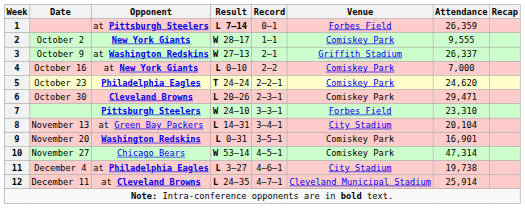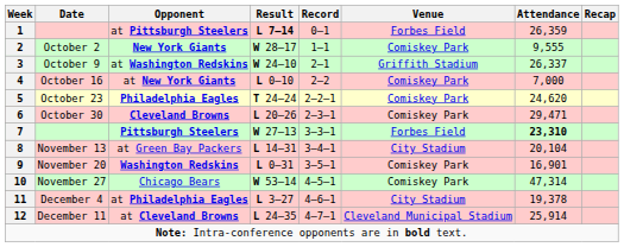 <table class="wikitable" style="text-align:center">
 <tr>
 <th>Week</th>
 <th>Date</th>
 <th>Opponent</th>
 <th>Result</th>
 <th>Record</th>
 <th>Venue</th>
 <th>Attendance</th>
 <th>Recap</th>
 </tr>
 <tr style="background:#fcc">
 <th>1</th>
 <td></td>
 <td>at <strong><a href='#'>Pittsburgh Steelers</a></strong></td>
 <td><strong>L 7–14</strong></td>
 <td>0–1</td>
 <td><a href='#'>Forbes Field</a></td>
 <td>26,359</td>
 <td></td>
 </tr>
 <tr style="background:#cfc">
 <th>2</th>
 <td>October 2</td>
 <td><strong><a href='#'>New York Giants</a></strong></td>
 <td><strong>W</strong> 28–17</td>
 <td>1–1</td>
 <td><a href='#'>Comiskey Park</a></td>
 <td>9,555</td>
 <td></td>
 </tr>
 <tr style="background:#cfc">
 <th>3</th>
 <td>October 9</td>
 <td>at <strong><a href='#'>Washington Redskins</a></strong></td>
-<td><strong>W</strong> 27–13</td>
+<td><strong>W</strong> 24–10</td>
 <td>2–1</td>
 <td><a href='#'>Griffith Stadium</a></td>
 <td>26,337</td>
 <td></td>
 </tr>
 <tr style="background:#fcc">
 <th>4</th>
 <td>October 16</td>
 <td>at <strong><a href='#'>New York Giants</a></strong></td>
 <td><strong>L</strong> 0–10</td>
 <td>2–2</td>
 <td><a href='#'>Comiskey Park</a></td>
 <td>7,000</td>
 <td></td>
 </tr>
 <tr style="background:#ffc">
 <th>5</th>
 <td>October 23</td>
 <td><strong><a href='#'>Philadelphia Eagles</a></strong></td>
 <td><strong>T</strong> 24–24</td>
 <td>2–2–1</td>
 <td><a href='#'>Comiskey Park</a></td>
 <td>24,620</td>
 <td></td>
 </tr>
 <tr style="background:#fcc">
 <th>6</th>
 <td>October 30</td>
 <td><strong><a href='#'>Cleveland Browns</a></strong></td>
 <td><strong>L</strong> 20–26</td>
 <td>2–3–1</td>
 <td>Comiskey Park</td>
 <td>29,471</td>
 <td></td>
 </tr>
 <tr style="background:#cfc">
 <th>7</th>
 <td></td>
 <td><strong><a href='#'>Pittsburgh Steelers</a></strong></td>
-<td><strong>W</strong> 24–10</td>
+<td><strong>W</strong> 27–13</td>
 <td>3–3–1</td>
 <td><a href='#'>Forbes Field</a></td>
-<td>23,310</td>
+<td><strong>23,310</strong></td>
 <td></td>
 </tr>
 <tr style="background:#fcc">
 <th>8</th>
 <td>November 13</td>
 <td>at <a href='#'>Green Bay Packers</a></td>
 <td><strong>L</strong> 14–31</td>
 <td>3–4–1</td>
 <td><a href='#'>City Stadium</a></td>
 <td>20,104</td>
 <td></td>
 </tr>
 <tr style="background:#fcc">
 <th>9</th>
 <td>November 20</td>
 <td><strong><a href='#'>Washington Redskins</a></strong></td>
 <td><strong>L</strong> 0–31</td>
 <td>3–5–1</td>
 <td>Comiskey Park</td>
 <td>16,901</td>
 <td></td>
 </tr>
 <tr style="background:#cfc">
 <th>10</th>
 <td>November 27</td>
 <td><a href='#'>Chicago Bears</a></td>
 <td><strong>W</strong> 53–14</td>
 <td>4–5–1</td>
 <td>Comiskey Park</td>
 <td>47,314</td>
 <td></td>
 </tr>
 <tr style="background:#fcc">
 <th>11</th>
 <td>December 4</td>
 <td>at <strong><a href='#'>Philadelphia Eagles</a></strong></td>
 <td><strong>L</strong> 3–27</td>
 <td>4–6–1</td>
 <td><a href='#'>City Stadium</a></td>
-<td>19,738</td>
+<td>19,378</td>
 <td></td>
 </tr>
 <tr style="background:#fcc">
 <th>12</th>
 <td>December 11</td>
 <td>at <strong><a href='#'>Cleveland Browns</a></strong></td>
 <td><strong>L</strong> 24–35</td>
 <td>4–7–1</td>
 <td><a href='#'>Cleveland Municipal Stadium</a></td>
 <td>25,914</td>
 <td></td>
 </tr>
 <tr>
 <td colspan="8"><strong>Note:</strong> Intra-conference opponents are in <strong>bold</strong> text.</td>
 </tr>
 </table>
